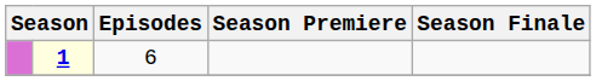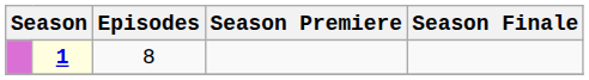 <table class="wikitable">
 <tr>
 <th colspan="2">Season</th>
 <th>Episodes</th>
 <th>Season Premiere</th>
 <th>Season Finale</th>
 </tr>
 <tr>
 <td style="background:#DA70D6; height:5px;"></td>
 <td style="background: lightyellow; text-align:center;"><strong><a href='#'>1</a></strong></td>
-<td style="text-align:center;">6</td>
+<td style="text-align:center;">8</td>
 <td style="text-align:center;"></td>
 <td style="text-align:center;"></td>
 </tr>
 <tr>
 </tr>
 </table>
